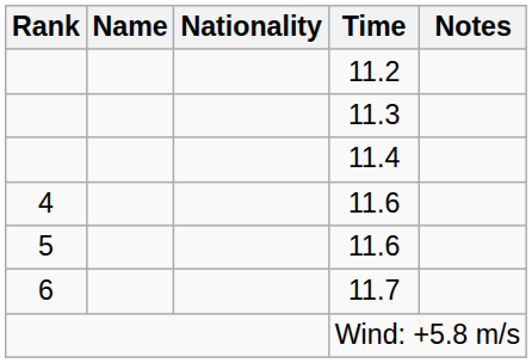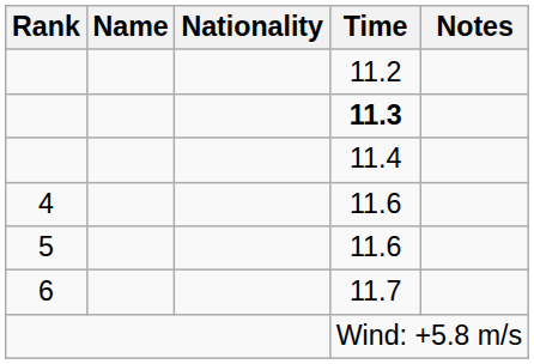 <table class="wikitable sortable" style="text-align:center">
 <tr>
 <th>Rank</th>
 <th>Name</th>
 <th>Nationality</th>
 <th>Time</th>
 <th>Notes</th>
 </tr>
 <tr>
 <td></td>
 <td align=left></td>
 <td align=left></td>
 <td>11.2</td>
 <td></td>
 </tr>
 <tr>
 <td></td>
 <td align=left></td>
 <td align=left></td>
-<td>11.3</td>
+<td><strong>11.3</strong></td>
 <td></td>
 </tr>
 <tr>
 <td></td>
 <td align=left></td>
 <td align=left></td>
 <td>11.4</td>
 <td></td>
 </tr>
 <tr>
 <td>4</td>
 <td align=left></td>
 <td align=left></td>
 <td>11.6</td>
 <td></td>
 </tr>
 <tr>
 <td>5</td>
 <td align=left></td>
 <td align=left></td>
 <td>11.6</td>
 <td></td>
 </tr>
 <tr>
 <td>6</td>
 <td align=left></td>
 <td align=left></td>
 <td>11.7</td>
 <td></td>
 </tr>
 <tr class="sortbottom">
 <td colspan=3></td>
 <td colspan="2" style="text-align:left;">Wind: +5.8 m/s</td>
 </tr>
 </table>
